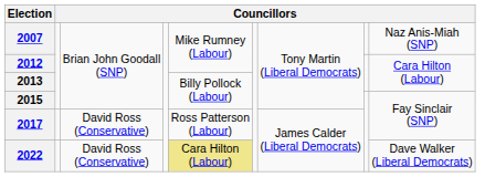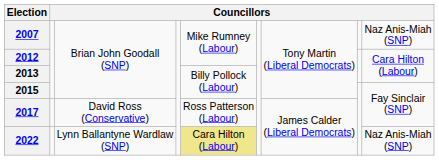 <table class="wikitable" style="text-align:center">
 <tr>
 <th>Election</th>
 <th colspan=8>Councillors</th>
 </tr>
 <tr>
 <th><a href='#'>2007</a></th>
 <td rowspan=4; style="background-color: "></td>
 <td rowspan=4>Brian John Goodall<br>(<a href='#'>SNP</a>)</td>
 <td rowspan=6; style="background-color: "></td>
 <td rowspan=2>Mike Rumney<br>(<a href='#'>Labour</a>)</td>
 <td rowspan=6; style="background-color: "></td>
 <td rowspan=4>Tony Martin<br>(<a href='#'>Liberal Democrats</a>)</td>
 <td rowspan=1; style="background-color: "></td>
 <td rowspan=1>Naz Anis-Miah<br>(<a href='#'>SNP</a>)</td>
 </tr>
 <tr>
 <th><a href='#'>2012</a></th>
 <td rowspan=2; style="background-color: "></td>
 <td rowspan=2><a href='#'>Cara Hilton</a><br>(<a href='#'>Labour</a>)</td>
 </tr>
 <tr>
 <th>2013</th>
 <td rowspan=2>Billy Pollock<br>(<a href='#'>Labour</a>)</td>
 </tr>
 <tr>
 <th>2015</th>
 <td rowspan=3; style="background-color: "></td>
 <td rowspan=2>Fay Sinclair<br>(<a href='#'>SNP</a>)</td>
 </tr>
 <tr>
 <th><a href='#'>2017</a></th>
 <td rowspan=1; style="background-color: "></td>
 <td rowspan=1>David Ross<br>(<a href='#'>Conservative</a>)</td>
 <td rowspan=1>Ross Patterson<br>(<a href='#'>Labour</a>)</td>
 <td rowspan=2>James Calder<br>(<a href='#'>Liberal Democrats</a>)</td>
 </tr>
 <tr>
 <th><a href='#'>2022</a></th>
 <td rowspan=1; style="background-color: "></td>
-<td rowspan=1>David Ross<br>(<a href='#'>Conservative</a>)</td>
+<td rowspan=1>Lynn Ballantyne Wardlaw<br>(<a href='#'>SNP</a>)</td>
 <td rowspan=1 style="background: khaki;">Cara Hilton<br>(<a href='#'>Labour</a>)</td>
-<td rowspan=1>Dave Walker<br>(<a href='#'>Liberal Democrats</a>)</td>
+<td rowspan=1>Naz Anis-Miah<br>(<a href='#'>SNP</a>)</td>
 </tr>
 </table>
